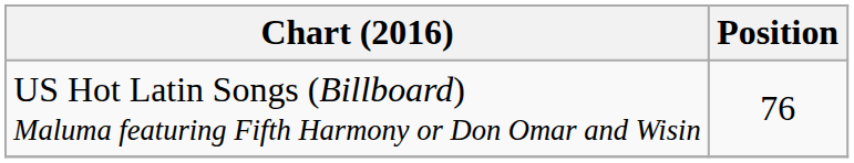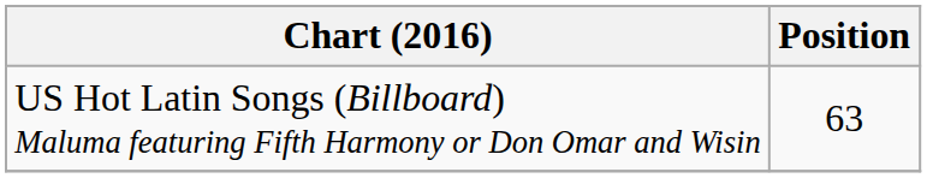 <table class="wikitable sortable">
 <tr>
 <th>Chart (2016)</th>
 <th>Position</th>
 </tr>
 <tr>
 <td align="left">US Hot Latin Songs (<em>Billboard</em>)<br><small><em>Maluma featuring Fifth Harmony or Don Omar and Wisin</em></small></td>
-<td align="center">76</td>
+<td align="center">63</td>
 </tr>
 <tr>
 </tr>
 </table>
